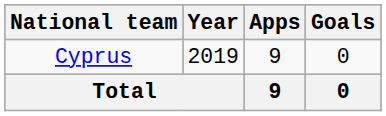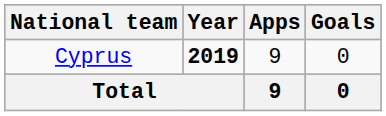 <table class="wikitable" style="text-align:center">
 <tr>
 <th>National team</th>
 <th>Year</th>
 <th>Apps</th>
 <th>Goals</th>
 </tr>
 <tr>
 <td><a href='#'>Cyprus</a></td>
-<td>2019</td>
+<td><strong>2019</strong></td>
 <td>9</td>
 <td>0</td>
 </tr>
 <tr>
 <th colspan="2">Total</th>
 <th>9</th>
 <th>0</th>
 </tr>
 </table>
